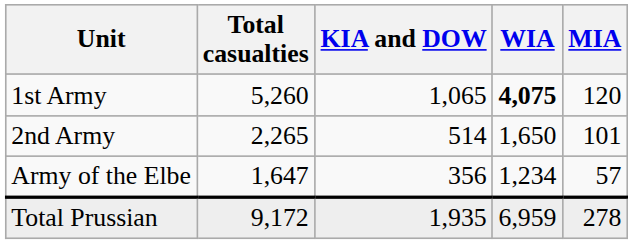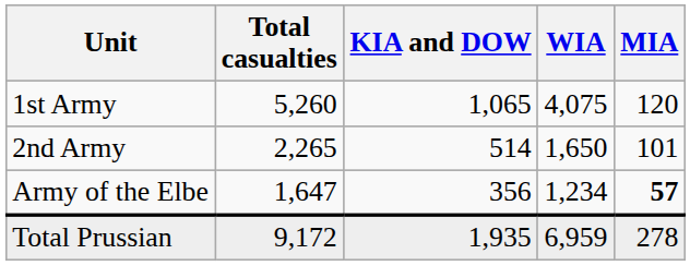 <table class="wikitable"  align=right style="margin:0 0 1em 1em">
 <tr>
 <th>Unit</th>
 <th>Total<br>casualties</th>
 <th><a href='#'>KIA</a> and <a href='#'>DOW</a></th>
 <th><a href='#'>WIA</a></th>
 <th><a href='#'>MIA</a></th>
 </tr>
 <tr>
 <td>1st Army</td>
 <td align="right">5,260</td>
 <td align="right">1,065</td>
-<td align="right"><strong>4,075</strong></td>
+<td align="right">4,075</td>
 <td align="right">120</td>
 </tr>
 <tr>
 <td>2nd Army</td>
 <td align="right">2,265</td>
 <td align="right">514</td>
 <td align="right">1,650</td>
 <td align="right">101</td>
 </tr>
 <tr>
 <td>Army of the Elbe</td>
 <td align="right">1,647</td>
 <td align="right">356</td>
 <td align="right">1,234</td>
-<td align="right">57</td>
+<td align="right"><strong>57</strong></td>
 </tr>
 <tr>
 </tr>
 <tr style="background:#eeeeee">
 <td style="border-top:2pt solid black">Total Prussian</td>
 <td style="border-top:2pt solid black" align="right">9,172</td>
 <td style="border-top:2pt solid black" align="right">1,935</td>
 <td style="border-top:2pt solid black" align="right">6,959</td>
 <td style="border-top:2pt solid black" align="right">278</td>
 </tr>
 </table>
